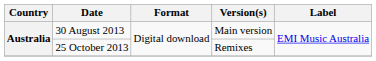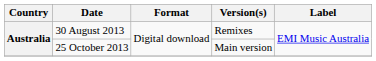 <table class="wikitable plainrowheaders">
 <tr>
 <th scope="col">Country</th>
 <th scope="col">Date</th>
 <th scope="col">Format</th>
 <th scope="col">Version(s)</th>
 <th scope="col">Label</th>
 </tr>
 <tr>
 <th scope="row" rowspan="2">Australia</th>
 <td>30 August 2013</td>
 <td rowspan="2">Digital download</td>
-<td>Main version</td>
+<td>Remixes</td>
 <td rowspan="2"><a href='#'>EMI Music Australia</a></td>
 </tr>
 <tr>
 <td>25 October 2013</td>
-<td>Remixes</td>
+<td>Main version</td>
 </tr>
 <tr>
 </tr>
 </table>
